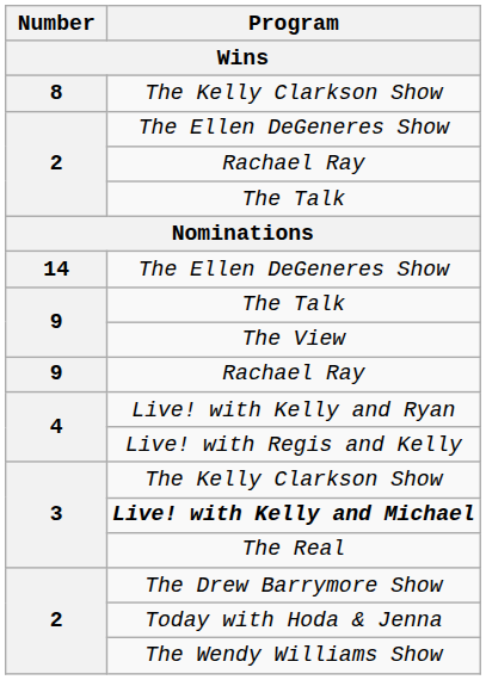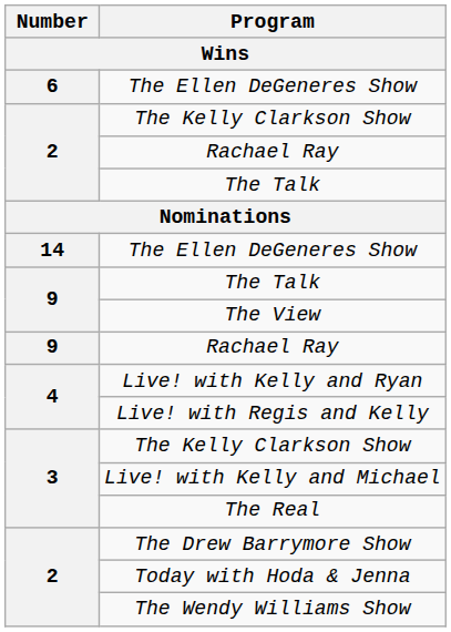 <table class="wikitable" style="text-align: center;">
 <tr>
 <th scope="col" style="width:55px;">Number</th>
 <th scope="col" style="text-align:center;">Program</th>
 </tr>
 <tr>
 <th colspan="2">Wins</th>
 </tr>
 <tr>
-<th scope="row" style="text-align:center">8</th>
-<td><em>The Kelly Clarkson Show</em></td>
+<th scope="row" style="text-align:center">6</th>
+<td><em>The Ellen DeGeneres Show</em></td>
 </tr>
 <tr>
 <th scope="row"  rowspan=3 style="text-align:center">2</th>
-<td><em>The Ellen DeGeneres Show</em></td>
+<td><em>The Kelly Clarkson Show</em></td>
 </tr>
 <tr>
 <td><em>Rachael Ray</em></td>
 </tr>
 <tr>
 <td><em>The Talk</em></td>
 </tr>
 <tr>
 <th colspan="2">Nominations</th>
 </tr>
 <tr>
 <th scope="row" style="text-align:center">14</th>
 <td><em>The Ellen DeGeneres Show</em></td>
 </tr>
 <tr>
 <th scope="row"  rowspan=2 style="text-align:center">9</th>
 <td><em>The Talk</em></td>
 </tr>
 <tr>
 <td><em>The View</em></td>
 </tr>
 <tr>
 <th scope="row" style="text-align:center">9</th>
 <td><em>Rachael Ray</em></td>
 </tr>
 <tr>
 <th scope="row" rowspan=2 style="text-align:center">4</th>
 <td><em>Live! with Kelly and Ryan</em></td>
 </tr>
 <tr>
 <td><em>Live! with Regis and Kelly</em></td>
 </tr>
 <tr>
 <th scope="row"  rowspan=3 style="text-align:center">3</th>
 <td><em>The Kelly Clarkson Show</em></td>
 </tr>
 <tr>
-<td><strong><em>Live! with Kelly and Michael</em></strong></td>
+<td><em>Live! with Kelly and Michael</em></td>
 </tr>
 <tr>
 <td><em>The Real</em></td>
 </tr>
 <tr>
 <th scope="row"  rowspan=3 style="text-align:center">2</th>
 <td><em>The Drew Barrymore Show</em></td>
 </tr>
 <tr>
 <td><em>Today with Hoda & Jenna</em></td>
 </tr>
 <tr>
 <td><em>The Wendy Williams Show</em></td>
 </tr>
 </table>
